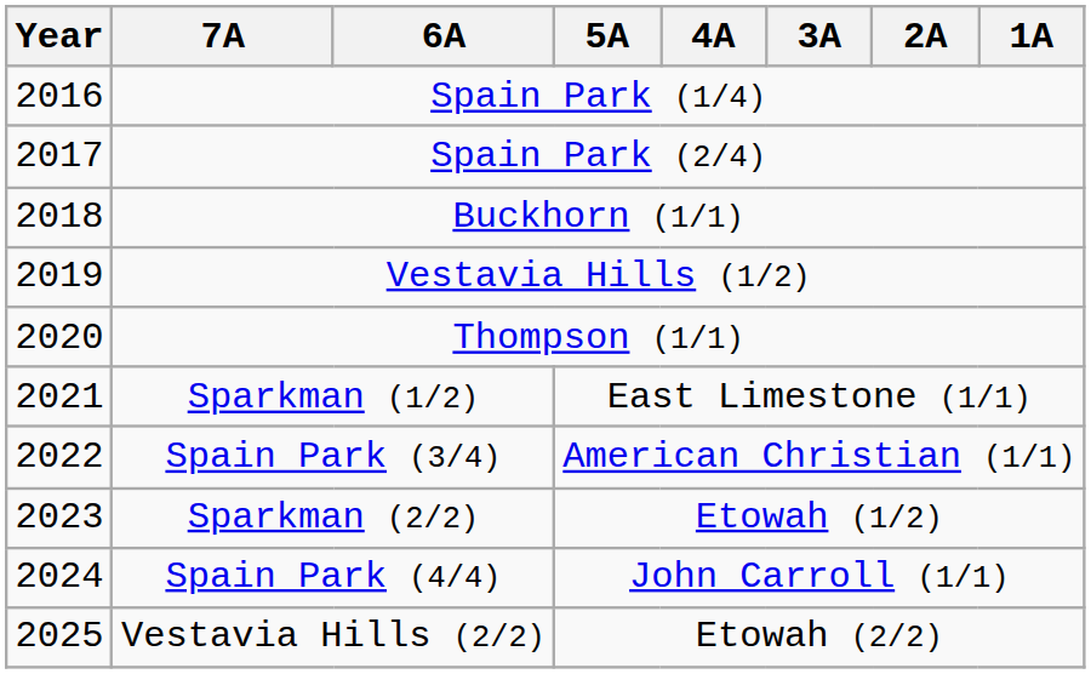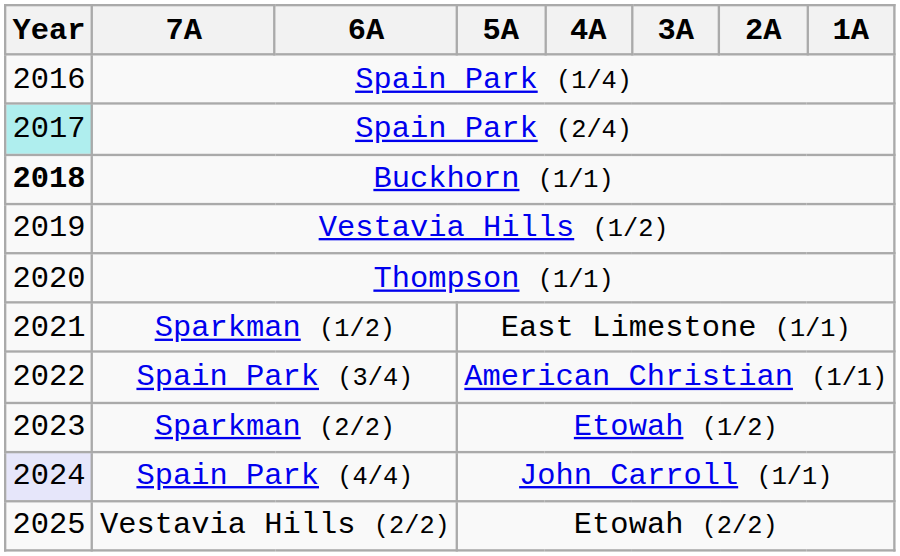 <table class="wikitable" style="text-align:center">
 <tr>
 <th>Year</th>
 <th>7A</th>
 <th>6A</th>
 <th>5A</th>
 <th>4A</th>
 <th>3A</th>
 <th>2A</th>
 <th>1A</th>
 </tr>
 <tr>
 <td>2016</td>
 <td colspan="7"><a href='#'>Spain Park</a> <small>(1/4)</small></td>
 </tr>
 <tr>
-<td>2017</td>
+<td style="background: paleturquoise;">2017</td>
 <td colspan="7"><a href='#'>Spain Park</a> <small>(2/4)</small></td>
 </tr>
 <tr>
-<td>2018</td>
+<td><strong>2018</strong></td>
 <td colspan="7"><a href='#'>Buckhorn</a> <small>(1/1)</small></td>
 </tr>
 <tr>
 <td>2019</td>
 <td colspan="7"><a href='#'>Vestavia Hills</a> <small>(1/2)</small></td>
 </tr>
 <tr>
 <td>2020</td>
 <td colspan="7"><a href='#'>Thompson</a> <small>(1/1)</small></td>
 </tr>
 <tr>
 <td>2021</td>
 <td colspan="2"><a href='#'>Sparkman</a> <small>(1/2)</small></td>
 <td colspan="5">East Limestone <small>(1/1)</small></td>
 </tr>
 <tr>
 <td>2022</td>
 <td colspan="2"><a href='#'>Spain Park</a> <small>(3/4)</small></td>
 <td colspan="5"><a href='#'>American Christian</a> <small>(1/1)</small></td>
 </tr>
 <tr>
 <td>2023</td>
 <td colspan="2"><a href='#'>Sparkman</a> <small>(2/2)</small></td>
 <td colspan="5"><a href='#'>Etowah</a> <small>(1/2)</small></td>
 </tr>
 <tr>
-<td>2024</td>
+<td style="background: lavender;">2024</td>
 <td colspan="2"><a href='#'>Spain Park</a> <small>(4/4)</small></td>
 <td colspan="5"><a href='#'>John Carroll</a> <small>(1/1)</small></td>
 </tr>
 <tr>
 <td>2025</td>
 <td colspan="2">Vestavia Hills <small>(2/2)</small></td>
 <td colspan="5">Etowah <small>(2/2)</small></td>
 </tr>
 </table>
